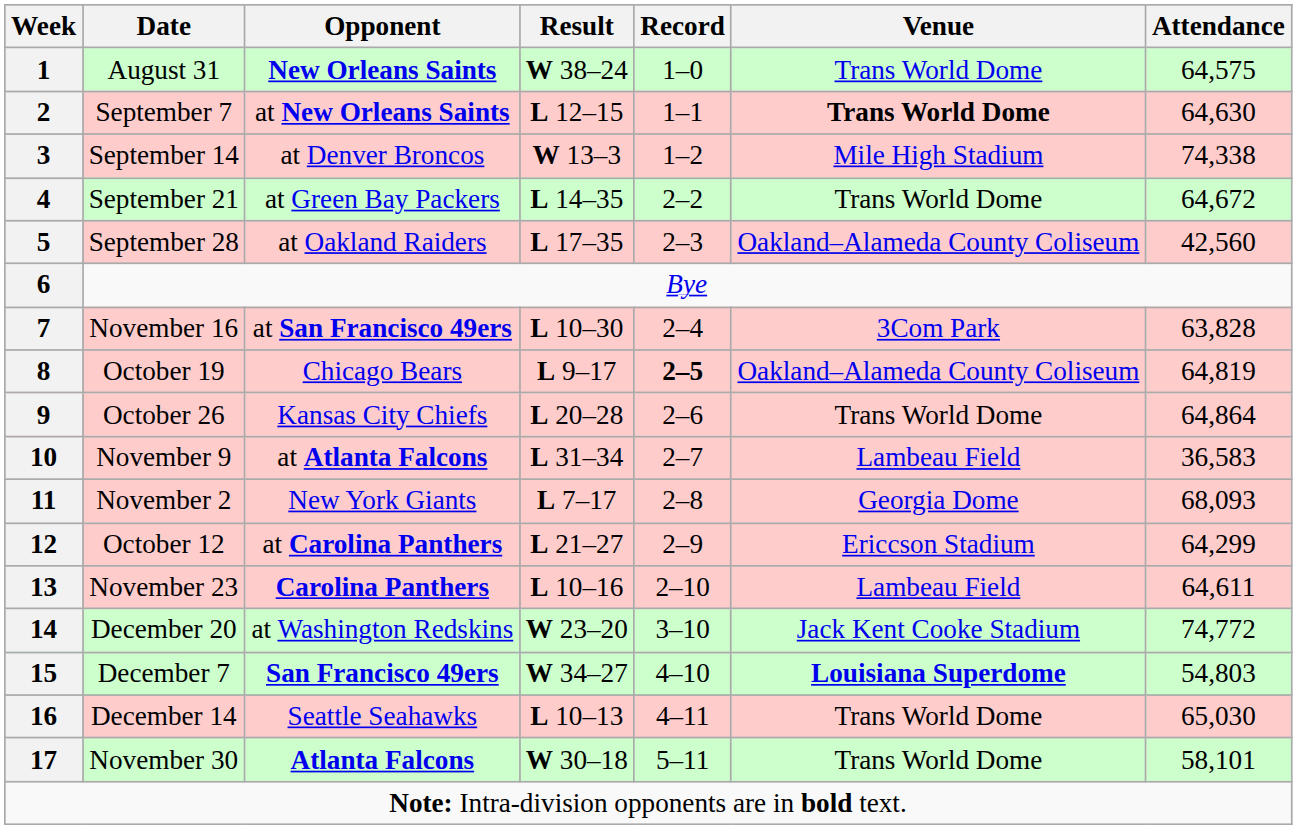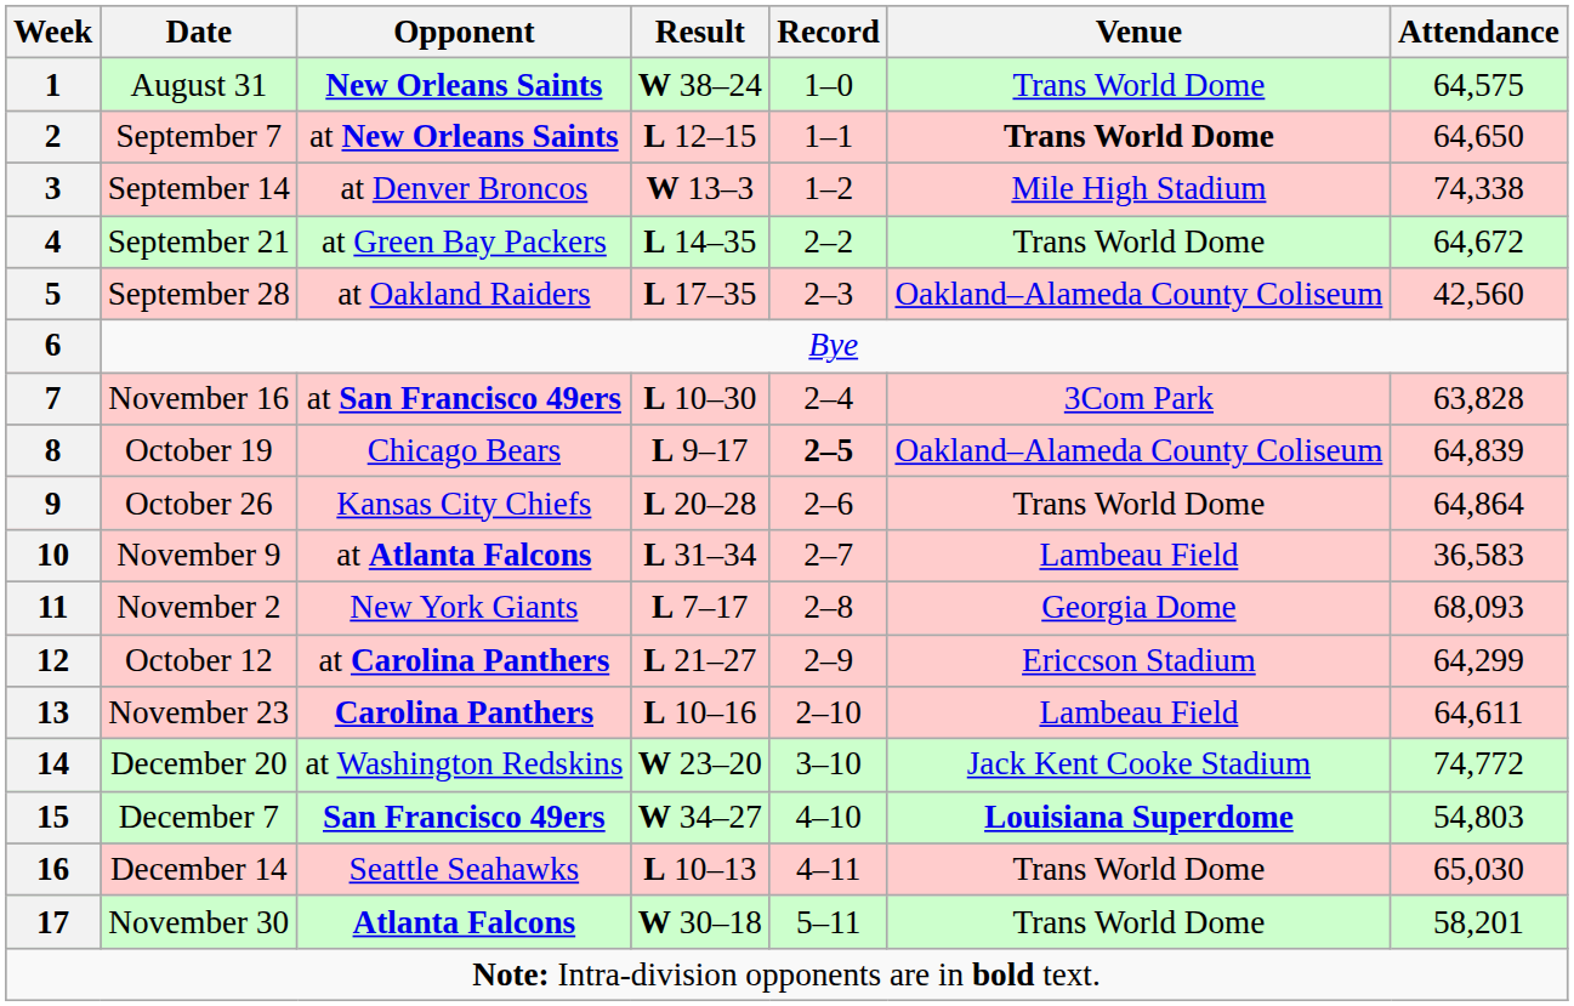 <table class="wikitable" style="text-align:center">
 <tr>
 <th>Week</th>
 <th>Date</th>
 <th>Opponent</th>
 <th>Result</th>
 <th>Record</th>
 <th>Venue</th>
 <th>Attendance</th>
 </tr>
 <tr style="background:#cfc">
 <th>1</th>
 <td>August 31</td>
 <td><strong><a href='#'>New Orleans Saints</a></strong></td>
 <td><strong>W</strong> 38–24</td>
 <td>1–0</td>
 <td><a href='#'>Trans World Dome</a></td>
 <td>64,575</td>
 </tr>
 <tr style="background:#fcc">
 <th>2</th>
 <td>September 7</td>
 <td>at <strong><a href='#'>New Orleans Saints</a></strong></td>
 <td><strong>L</strong> 12–15</td>
 <td>1–1</td>
 <td><strong>Trans World Dome</strong></td>
-<td>64,630</td>
+<td>64,650</td>
 </tr>
 <tr style="background:#fcc">
 <th>3</th>
 <td>September 14</td>
 <td>at <a href='#'>Denver Broncos</a></td>
 <td><strong>W</strong> 13–3</td>
 <td>1–2</td>
 <td><a href='#'>Mile High Stadium</a></td>
 <td>74,338</td>
 </tr>
 <tr style="background:#cfc">
 <th>4</th>
 <td>September 21</td>
 <td>at <a href='#'>Green Bay Packers</a></td>
 <td><strong>L</strong> 14–35</td>
 <td>2–2</td>
 <td>Trans World Dome</td>
 <td>64,672</td>
 </tr>
 <tr style="background:#fcc">
 <th>5</th>
 <td>September 28</td>
 <td>at <a href='#'>Oakland Raiders</a></td>
 <td><strong>L</strong> 17–35</td>
 <td>2–3</td>
 <td><a href='#'>Oakland–Alameda County Coliseum</a></td>
 <td>42,560</td>
 </tr>
 <tr>
 <th>6</th>
 <td colspan=6><em><a href='#'>Bye</a></em></td>
 </tr>
 <tr style="background:#fcc">
 <th>7</th>
 <td>November 16</td>
 <td>at <strong><a href='#'>San Francisco 49ers</a></strong></td>
 <td><strong>L</strong> 10–30</td>
 <td>2–4</td>
 <td><a href='#'>3Com Park</a></td>
 <td>63,828</td>
 </tr>
 <tr style="background:#fcc">
 <th>8</th>
 <td>October 19</td>
 <td><a href='#'>Chicago Bears</a></td>
 <td><strong>L</strong> 9–17</td>
 <td><strong>2–5</strong></td>
 <td><a href='#'>Oakland–Alameda County Coliseum</a></td>
-<td>64,819</td>
+<td>64,839</td>
 </tr>
 <tr style="background:#fcc">
 <th>9</th>
 <td>October 26</td>
 <td><a href='#'>Kansas City Chiefs</a></td>
 <td><strong>L</strong> 20–28</td>
 <td>2–6</td>
 <td>Trans World Dome</td>
 <td>64,864</td>
 </tr>
 <tr style="background:#fcc">
 <th>10</th>
 <td>November 9</td>
 <td>at <strong><a href='#'>Atlanta Falcons</a></strong></td>
 <td><strong>L</strong> 31–34</td>
 <td>2–7</td>
 <td><a href='#'>Lambeau Field</a></td>
 <td>36,583</td>
 </tr>
 <tr style="background:#fcc">
 <th>11</th>
 <td>November 2</td>
 <td><a href='#'>New York Giants</a></td>
 <td><strong>L</strong> 7–17</td>
 <td>2–8</td>
 <td><a href='#'>Georgia Dome</a></td>
 <td>68,093</td>
 </tr>
 <tr style="background:#fcc">
 <th>12</th>
 <td>October 12</td>
 <td>at <strong><a href='#'>Carolina Panthers</a></strong></td>
 <td><strong>L</strong> 21–27</td>
 <td>2–9</td>
 <td><a href='#'>Ericcson Stadium</a></td>
 <td>64,299</td>
 </tr>
 <tr style="background:#fcc">
 <th>13</th>
 <td>November 23</td>
 <td><strong><a href='#'>Carolina Panthers</a></strong></td>
 <td><strong>L</strong> 10–16</td>
 <td>2–10</td>
 <td><a href='#'>Lambeau Field</a></td>
 <td>64,611</td>
 </tr>
 <tr style="background:#cfc">
 <th>14</th>
 <td>December 20</td>
 <td>at <a href='#'>Washington Redskins</a></td>
 <td><strong>W</strong> 23–20</td>
 <td>3–10</td>
 <td><a href='#'>Jack Kent Cooke Stadium</a></td>
 <td>74,772</td>
 </tr>
 <tr style="background:#cfc">
 <th>15</th>
 <td>December 7</td>
 <td><strong><a href='#'>San Francisco 49ers</a></strong></td>
 <td><strong>W</strong> 34–27</td>
 <td>4–10</td>
 <td><strong><a href='#'>Louisiana Superdome</a></strong></td>
 <td>54,803</td>
 </tr>
 <tr style="background:#fcc">
 <th>16</th>
 <td>December 14</td>
 <td><a href='#'>Seattle Seahawks</a></td>
 <td><strong>L</strong> 10–13</td>
 <td>4–11</td>
 <td>Trans World Dome</td>
 <td>65,030</td>
 </tr>
 <tr style="background:#cfc">
 <th>17</th>
 <td>November 30</td>
 <td><strong><a href='#'>Atlanta Falcons</a></strong></td>
 <td><strong>W</strong> 30–18</td>
 <td>5–11</td>
 <td>Trans World Dome</td>
-<td>58,101</td>
+<td>58,201</td>
 </tr>
 <tr>
 <td colspan="8"><strong>Note:</strong> Intra-division opponents are in <strong>bold</strong> text.</td>
 </tr>
 </table>
